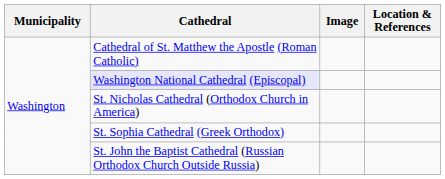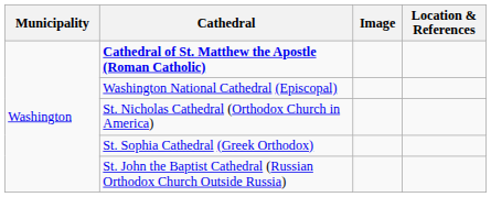 <table width=65% class="wikitable">
 <tr>
 <th width = 10%>Municipality</th>
 <th width = 40%>Cathedral</th>
 <th width = 5%>Image</th>
 <th width = 10%>Location & References</th>
 </tr>
 <tr>
 <td rowspan=6><a href='#'>Washington</a></td>
-<td><a href='#'>Cathedral of St. Matthew the Apostle</a> <a href='#'>(Roman Catholic)</a></td>
+<td><strong><a href='#'>Cathedral of St. Matthew the Apostle</a> <a href='#'>(Roman Catholic)</a></strong></td>
 <td></td>
 <td><small></small><br></td>
 </tr>
 <tr>
-<td style="background: lavender;"><a href='#'>Washington National Cathedral</a> <a href='#'>(Episcopal)</a></td>
+<td><a href='#'>Washington National Cathedral</a> <a href='#'>(Episcopal)</a></td>
 <td></td>
 <td><small></small><br></td>
 </tr>
 <tr>
 <td><a href='#'>St. Nicholas Cathedral</a> (<a href='#'>Orthodox Church in America</a>)</td>
 <td></td>
 <td><small></small><br></td>
 </tr>
 <tr>
 <td><a href='#'>St. Sophia Cathedral</a> <a href='#'>(Greek Orthodox)</a></td>
 <td></td>
 <td><small></small><br></td>
 </tr>
 <tr>
 <td><a href='#'>St. John the Baptist Cathedral</a> (<a href='#'>Russian Orthodox Church Outside Russia</a>)</td>
 <td></td>
 <td><small></small><br></td>
 </tr>
 </table>
